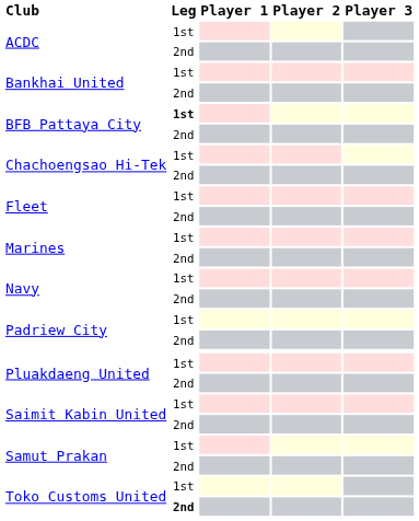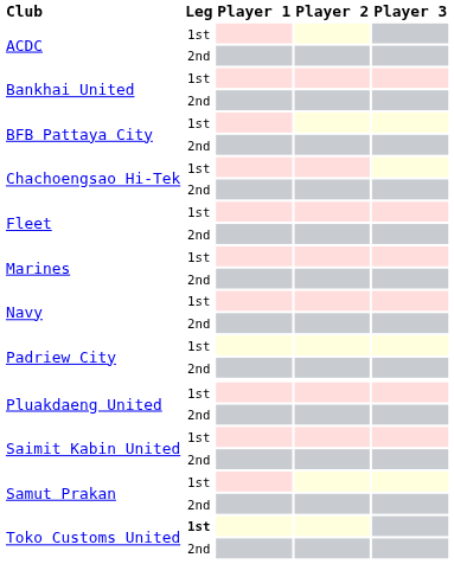 <table class="sortable" style="text-align:left">
 <tr>
 <th>Club</th>
 <th>Leg</th>
 <th>Player 1</th>
 <th>Player 2</th>
 <th>Player 3</th>
 </tr>
 <tr>
 <td rowspan="2"><a href='#'>ACDC</a></td>
 <td align="center"><small>1st</small></td>
 <td bgcolor="#ffdddd"></td>
 <td bgcolor="#ffffdd"></td>
 <td bgcolor="#c8ccd1"></td>
 </tr>
 <tr>
 <td align="center"><small>2nd</small></td>
 <td bgcolor="#c8ccd1"></td>
 <td bgcolor="#c8ccd1"></td>
 <td bgcolor="#c8ccd1"></td>
 </tr>
 <tr>
 <td rowspan="2"><a href='#'>Bankhai United</a></td>
 <td align="center"><small>1st</small></td>
 <td bgcolor="#ffdddd"></td>
 <td bgcolor="#ffdddd"></td>
 <td bgcolor="#ffdddd"></td>
 </tr>
 <tr>
 <td align="center"><small>2nd</small></td>
 <td bgcolor="#c8ccd1"></td>
 <td bgcolor="#c8ccd1"></td>
 <td bgcolor="#c8ccd1"></td>
 </tr>
 <tr>
 <td rowspan="2"><a href='#'>BFB Pattaya City</a></td>
-<td align="center"><strong><small>1st</small></strong></td>
+<td align="center"><small>1st</small></td>
 <td bgcolor="#ffdddd"></td>
 <td bgcolor="#ffffdd"></td>
 <td bgcolor="#ffffdd"></td>
 </tr>
 <tr>
 <td align="center"><small>2nd</small></td>
 <td bgcolor="#c8ccd1"></td>
 <td bgcolor="#c8ccd1"></td>
 <td bgcolor="#c8ccd1"></td>
 </tr>
 <tr>
 <td rowspan="2"><a href='#'>Chachoengsao Hi-Tek</a></td>
 <td align="center"><small>1st</small></td>
 <td bgcolor="#ffdddd"></td>
 <td bgcolor="#ffdddd"></td>
 <td bgcolor="#ffffdd"></td>
 </tr>
 <tr>
 <td align="center"><small>2nd</small></td>
 <td bgcolor="#c8ccd1"></td>
 <td bgcolor="#c8ccd1"></td>
 <td bgcolor="#c8ccd1"></td>
 </tr>
 <tr>
 <td rowspan="2"><a href='#'>Fleet</a></td>
 <td align="center"><small>1st</small></td>
 <td bgcolor="#ffdddd"></td>
 <td bgcolor="#ffdddd"></td>
 <td bgcolor="#ffdddd"></td>
 </tr>
 <tr>
 <td align="center"><small>2nd</small></td>
 <td bgcolor="#c8ccd1"></td>
 <td bgcolor="#c8ccd1"></td>
 <td bgcolor="#c8ccd1"></td>
 </tr>
 <tr>
 <td rowspan="2"><a href='#'>Marines</a></td>
 <td align="center"><small>1st</small></td>
 <td bgcolor="#ffdddd"></td>
 <td bgcolor="#ffdddd"></td>
 <td bgcolor="#ffdddd"></td>
 </tr>
 <tr>
 <td align="center"><small>2nd</small></td>
 <td bgcolor="#c8ccd1"></td>
 <td bgcolor="#c8ccd1"></td>
 <td bgcolor="#c8ccd1"></td>
 </tr>
 <tr>
 <td rowspan="2"><a href='#'>Navy</a></td>
 <td align="center"><small>1st</small></td>
 <td bgcolor="#ffdddd"></td>
 <td bgcolor="#ffdddd"></td>
 <td bgcolor="#ffdddd"></td>
 </tr>
 <tr>
 <td align="center"><small>2nd</small></td>
 <td bgcolor="#c8ccd1"></td>
 <td bgcolor="#c8ccd1"></td>
 <td bgcolor="#c8ccd1"></td>
 </tr>
 <tr>
 <td rowspan="2"><a href='#'>Padriew City</a></td>
 <td align="center"><small>1st</small></td>
 <td bgcolor="#ffffdd"></td>
 <td bgcolor="#ffffdd"></td>
 <td bgcolor="#ffffdd"></td>
 </tr>
 <tr>
 <td align="center"><small>2nd</small></td>
 <td bgcolor="#c8ccd1"></td>
 <td bgcolor="#c8ccd1"></td>
 <td bgcolor="#c8ccd1"></td>
 </tr>
 <tr>
 </tr>
 <tr>
 <td rowspan="2"><a href='#'>Pluakdaeng United</a></td>
 <td align="center"><small>1st</small></td>
 <td bgcolor="#ffdddd"></td>
 <td bgcolor="#ffdddd"></td>
 <td bgcolor="#ffdddd"></td>
 </tr>
 <tr>
 <td align="center"><small>2nd</small></td>
 <td bgcolor="#c8ccd1"></td>
 <td bgcolor="#c8ccd1"></td>
 <td bgcolor="#c8ccd1"></td>
 </tr>
 <tr>
 <td rowspan="2"><a href='#'>Saimit Kabin United</a></td>
 <td align="center"><small>1st</small></td>
 <td bgcolor="#ffdddd"></td>
 <td bgcolor="#ffdddd"></td>
 <td bgcolor="#ffdddd"></td>
 </tr>
 <tr>
 <td align="center"><small>2nd</small></td>
 <td bgcolor="#c8ccd1"></td>
 <td bgcolor="#c8ccd1"></td>
 <td bgcolor="#c8ccd1"></td>
 </tr>
 <tr>
 <td rowspan="2"><a href='#'>Samut Prakan</a></td>
 <td align="center"><small>1st</small></td>
 <td bgcolor="#ffdddd"></td>
 <td bgcolor="#ffffdd"></td>
 <td bgcolor="#ffffdd"></td>
 </tr>
 <tr>
 <td align="center"><small>2nd</small></td>
 <td bgcolor="#c8ccd1"></td>
 <td bgcolor="#c8ccd1"></td>
 <td bgcolor="#c8ccd1"></td>
 </tr>
 <tr>
 <td rowspan="2"><a href='#'>Toko Customs United</a></td>
-<td align="center"><small>1st</small></td>
+<td align="center"><strong><small>1st</small></strong></td>
 <td bgcolor="#ffffdd"></td>
 <td bgcolor="#ffffdd"></td>
 <td bgcolor="#c8ccd1"></td>
 </tr>
 <tr>
-<td align="center"><strong><small>2nd</small></strong></td>
+<td align="center"><small>2nd</small></td>
 <td bgcolor="#c8ccd1"></td>
 <td bgcolor="#c8ccd1"></td>
 <td bgcolor="#c8ccd1"></td>
 </tr>
 </table>
